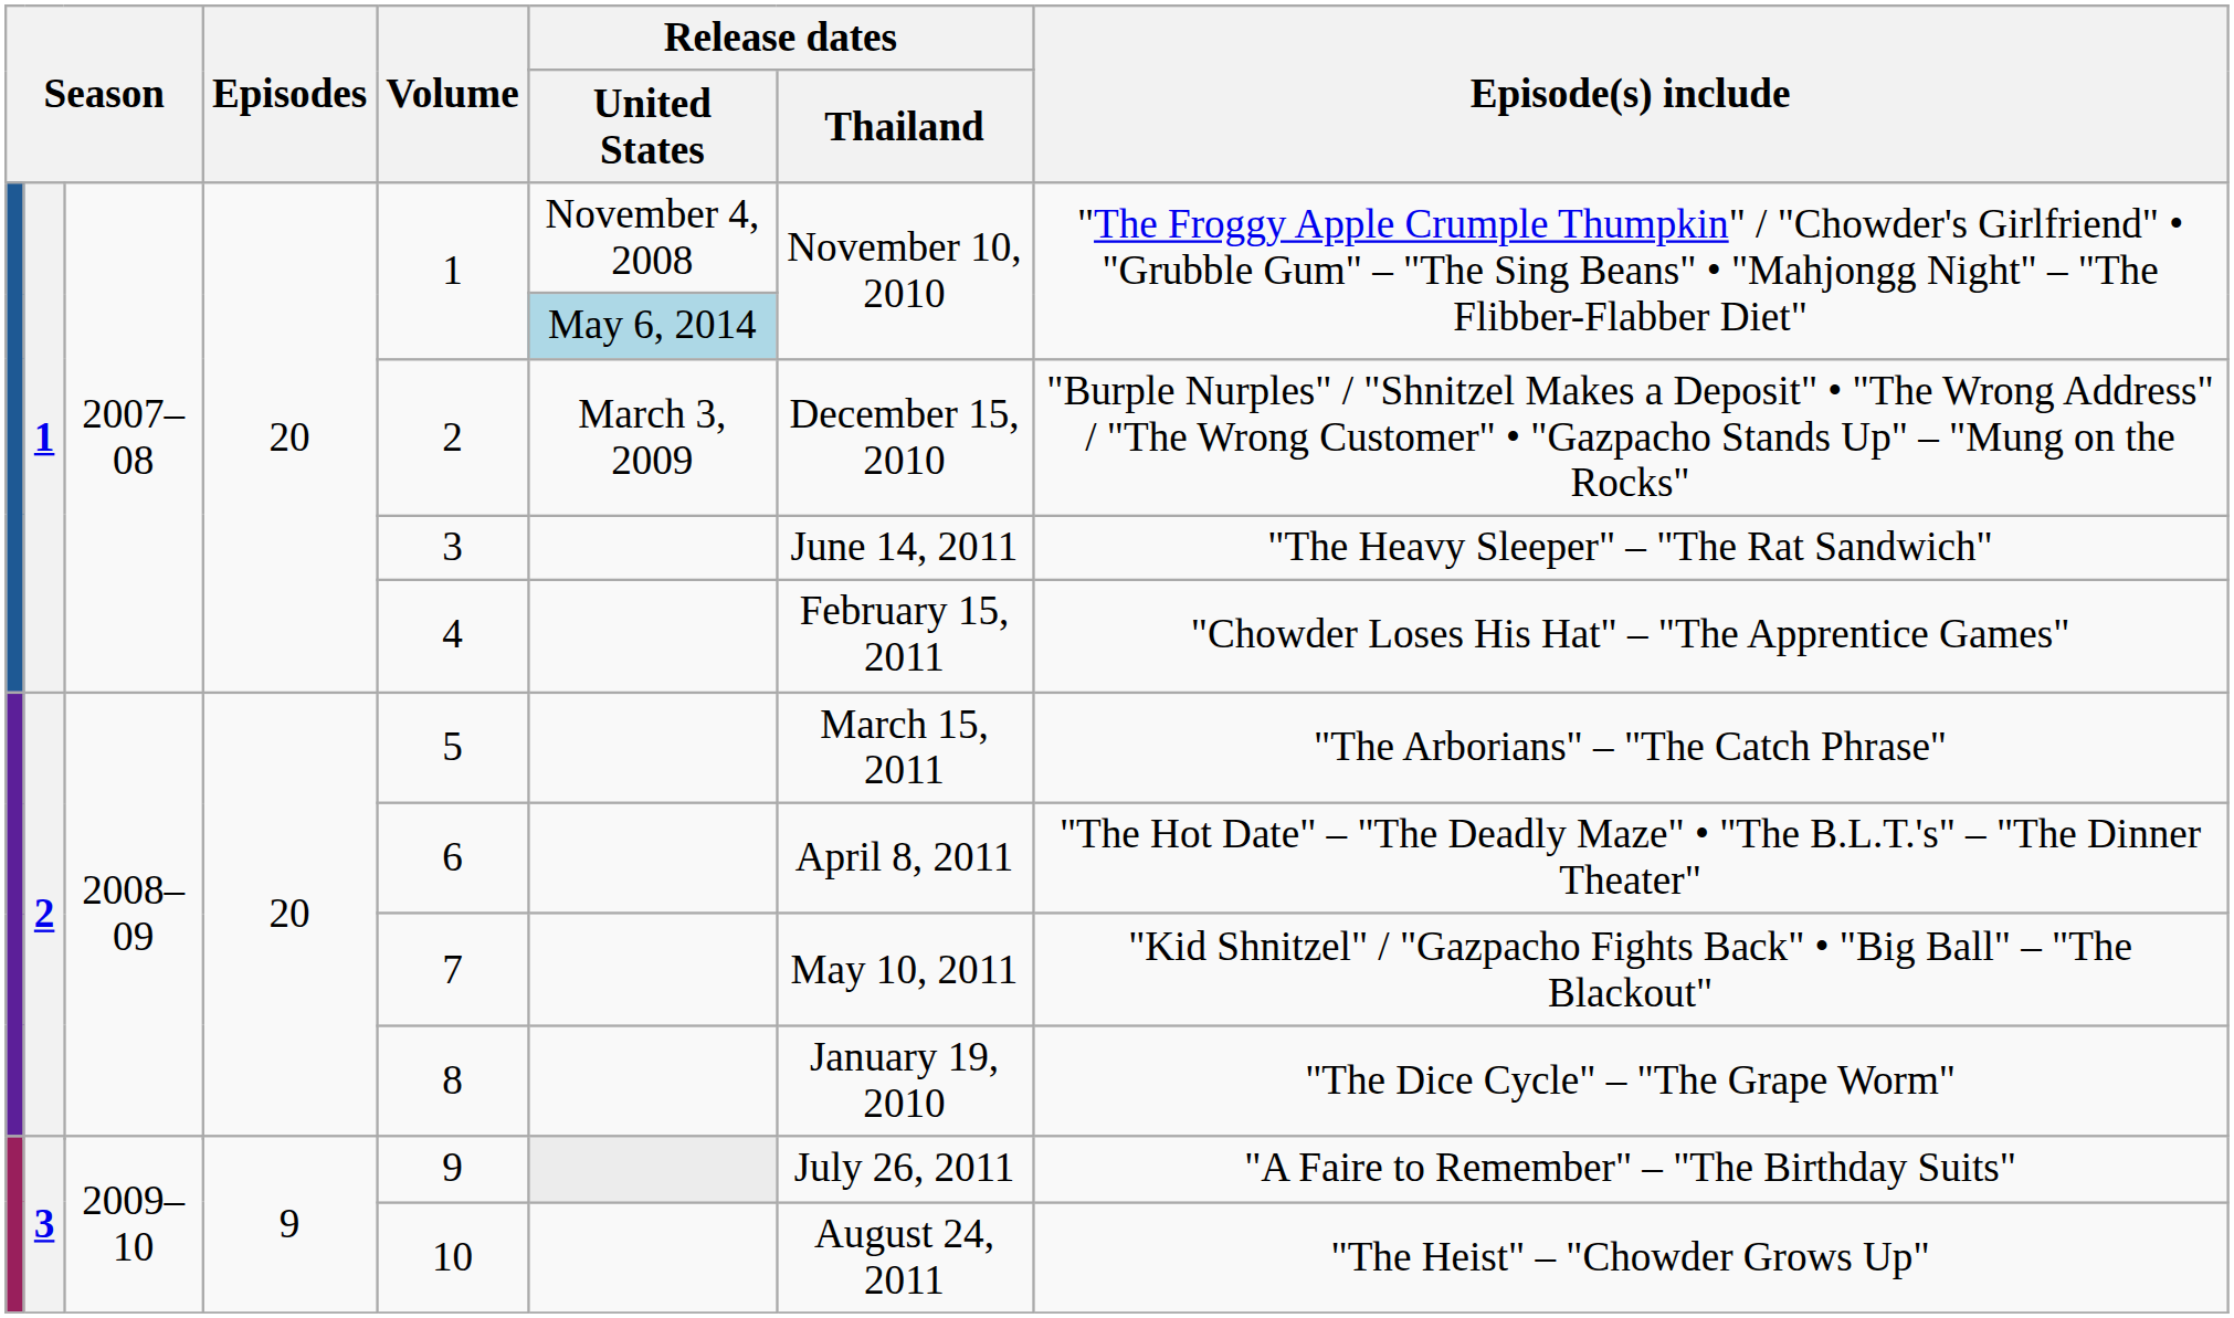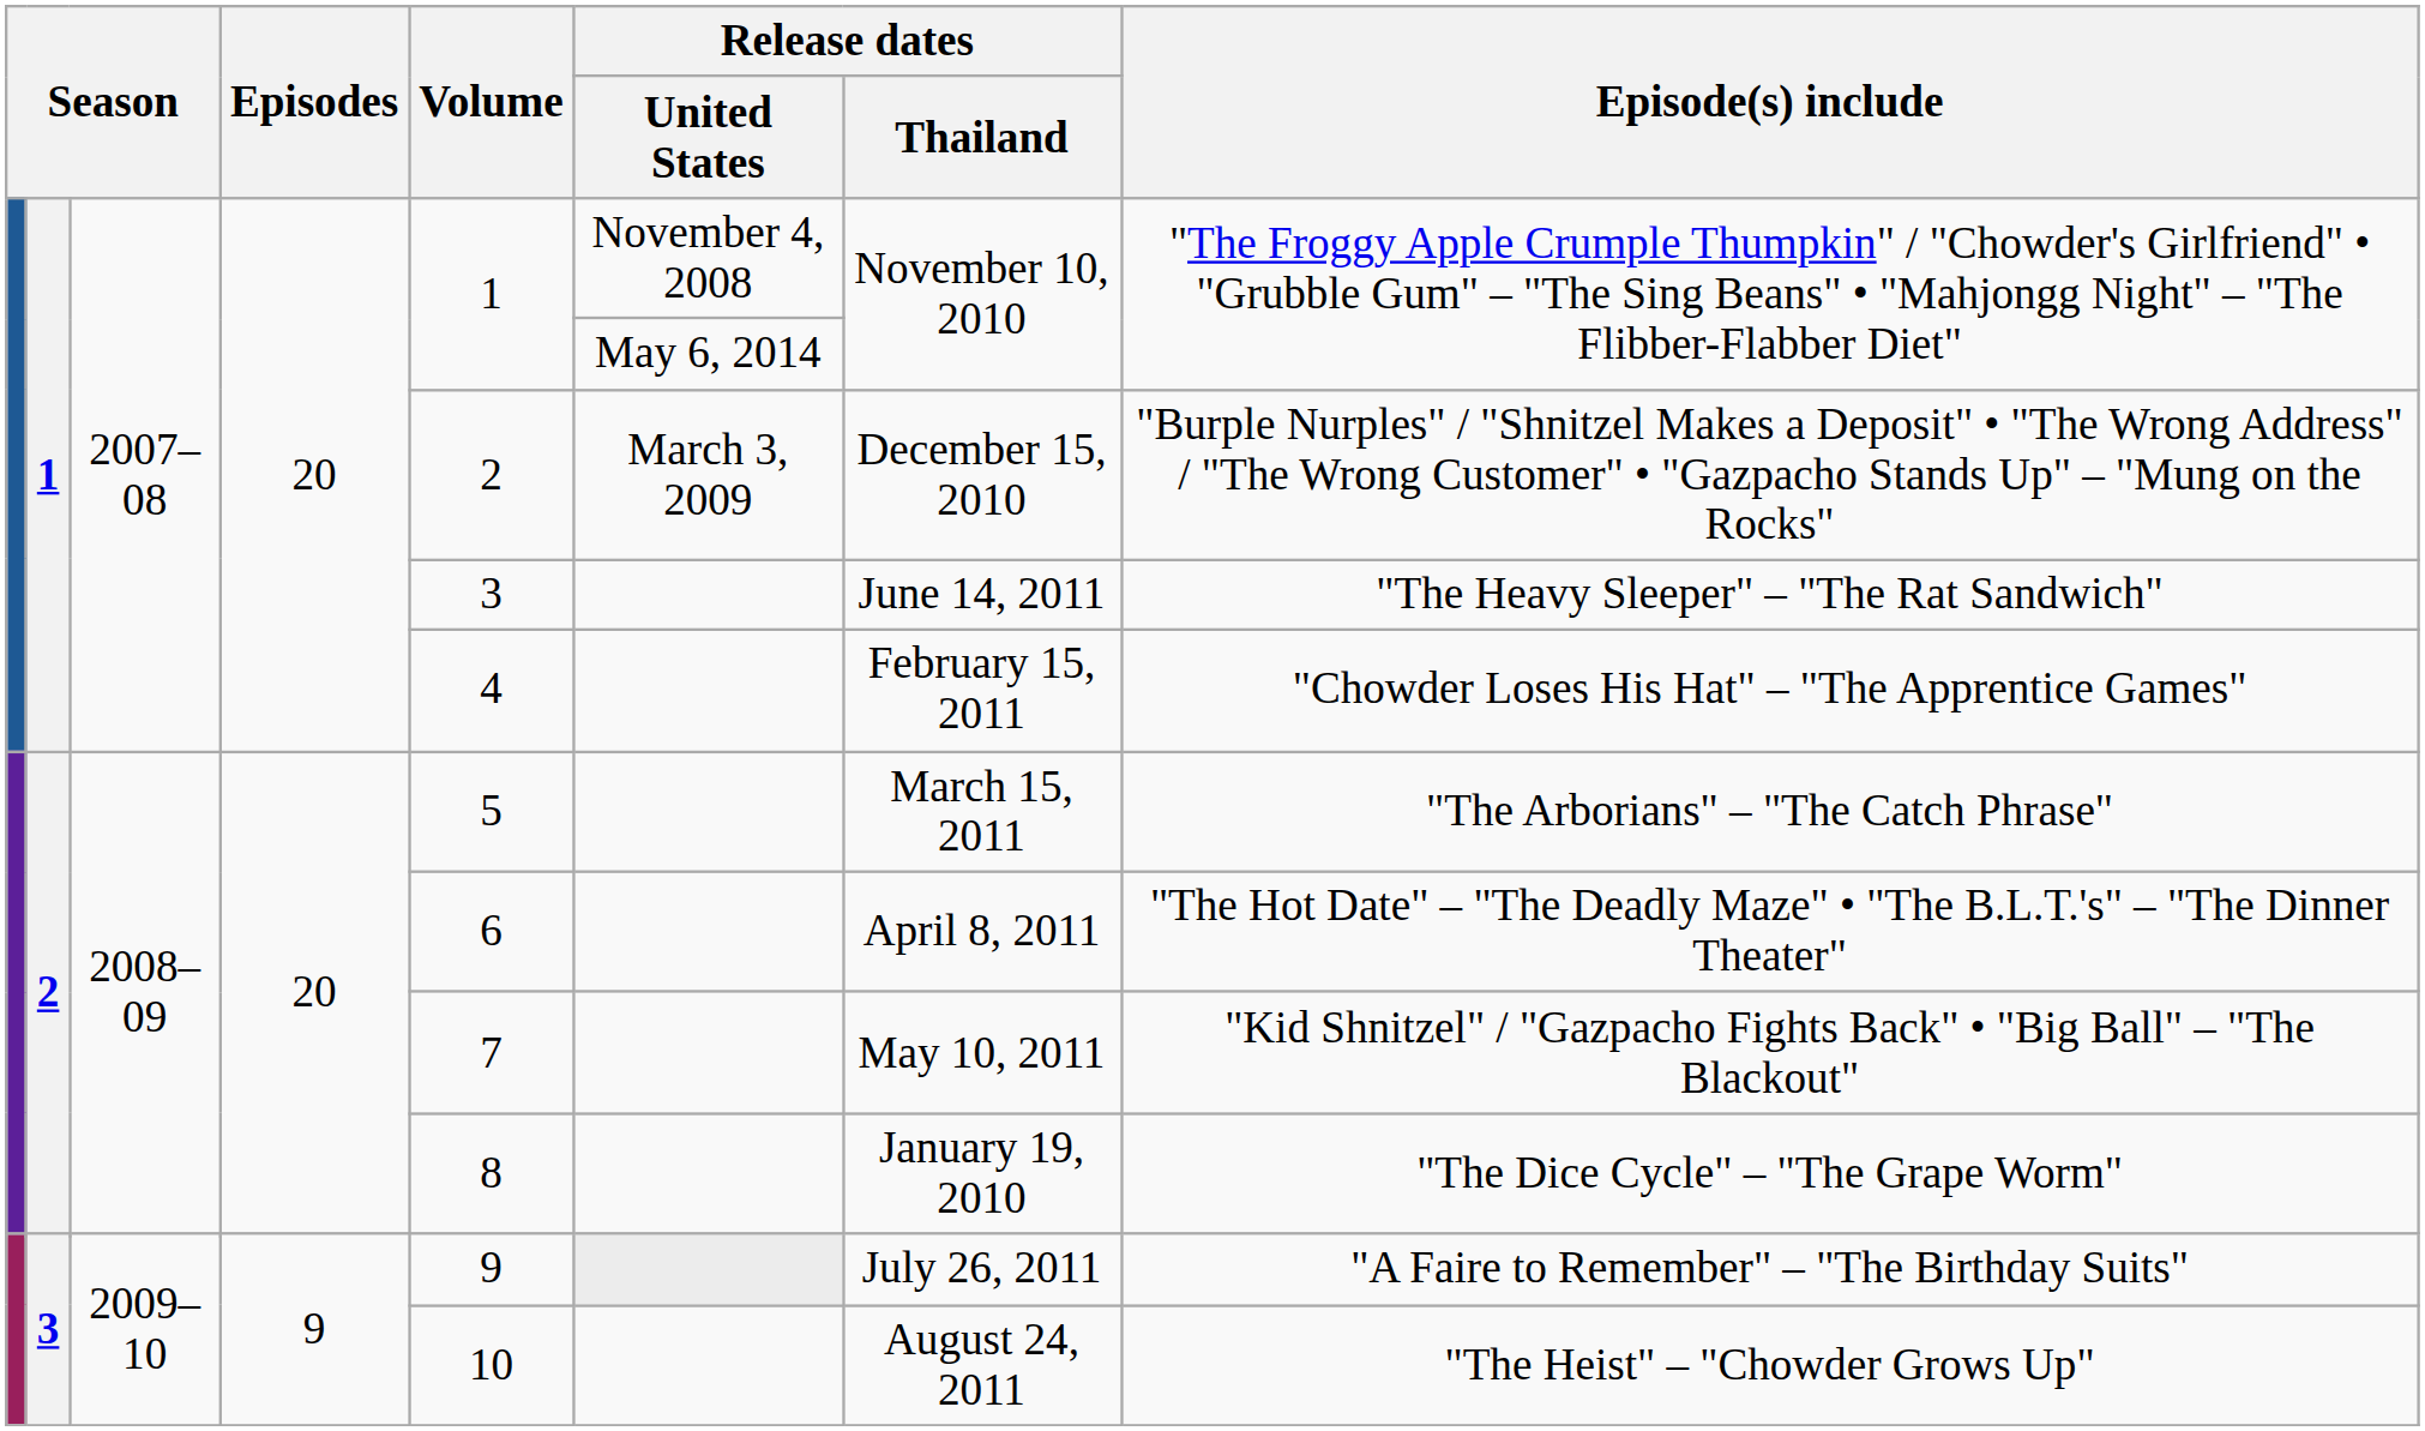 <table class="wikitable" style="text-align: center">
 <tr>
 <th colspan=3 rowspan=2>Season</th>
 <th rowspan=2>Episodes</th>
 <th rowspan=2>Volume</th>
 <th colspan=2>Release dates</th>
 <th rowspan=2>Episode(s) include</th>
 </tr>
 <tr>
 <th>United States</th>
 <th>Thailand</th>
 </tr>
 <tr>
 <th rowspan=5 style="background:#1E5994"></th>
 <th rowspan=5><a href='#'>1</a></th>
 <td rowspan=5>2007–08</td>
 <td rowspan=5>20</td>
 <td rowspan=2>1</td>
 <td>November 4, 2008</td>
 <td rowspan=2>November 10, 2010</td>
 <td rowspan=2>"<a href='#'>The Froggy Apple Crumple Thumpkin</a>" / "Chowder's Girlfriend" • "Grubble Gum" – "The Sing Beans" • "Mahjongg Night" – "The Flibber-Flabber Diet"</td>
 </tr>
 <tr>
-<td style="background: lightblue;">May 6, 2014</td>
+<td>May 6, 2014</td>
 </tr>
 <tr>
 <td>2</td>
 <td>March 3, 2009</td>
 <td>December 15, 2010</td>
 <td>"Burple Nurples" / "Shnitzel Makes a Deposit" • "The Wrong Address" / "The Wrong Customer" • "Gazpacho Stands Up" – "Mung on the Rocks"</td>
 </tr>
 <tr>
 <td>3</td>
 <td></td>
 <td>June 14, 2011</td>
 <td>"The Heavy Sleeper" – "The Rat Sandwich"</td>
 </tr>
 <tr>
 <td>4</td>
 <td></td>
 <td>February 15, 2011</td>
 <td>"Chowder Loses His Hat" – "The Apprentice Games"</td>
 </tr>
 <tr>
 <th rowspan=5 style="background:#5C1F99"></th>
 <th rowspan=5><a href='#'>2</a></th>
 <td rowspan=5>2008–09</td>
 <td rowspan=5>20</td>
 <td>5</td>
 <td></td>
 <td>March 15, 2011</td>
 <td>"The Arborians" – "The Catch Phrase"</td>
 </tr>
 <tr>
 <td>6</td>
 <td></td>
 <td>April 8, 2011</td>
 <td>"The Hot Date" – "The Deadly Maze" • "The B.L.T.'s" – "The Dinner Theater"</td>
 </tr>
 <tr>
 <td>7</td>
 <td></td>
 <td>May 10, 2011</td>
 <td>"Kid Shnitzel" / "Gazpacho Fights Back" • "Big Ball" – "The Blackout"</td>
 </tr>
 <tr>
 <td>8</td>
 <td></td>
 <td>January 19, 2010</td>
 <td>"The Dice Cycle" – "The Grape Worm"</td>
 </tr>
 <tr>
 <td rowspan=2>9</td>
 <td rowspan=2 style="background:#ececec;color:#2d2d2d"></td>
 <td rowspan=2>July 26, 2011</td>
 <td rowspan=2>"A Faire to Remember" – "The Birthday Suits"</td>
 </tr>
 <tr>
 <th rowspan=2 style="background:#991F5C"></th>
 <th rowspan=2><a href='#'>3</a></th>
 <td rowspan=2>2009–10</td>
 <td rowspan=2>9</td>
 </tr>
 <tr>
 <td>10</td>
 <td></td>
 <td>August 24, 2011</td>
 <td>"The Heist" – "Chowder Grows Up"</td>
 </tr>
 </table>
